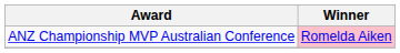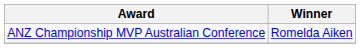 <table class="wikitable collapsible">
 <tr>
 <th>Award</th>
 <th>Winner</th>
 </tr>
 <tr>
 <td><a href='#'>ANZ Championship MVP Australian Conference</a></td>
-<td style="background: pink;"> <a href='#'>Romelda Aiken</a></td>
+<td> <a href='#'>Romelda Aiken</a></td>
 </tr>
 <tr>
 </tr>
 </table>
